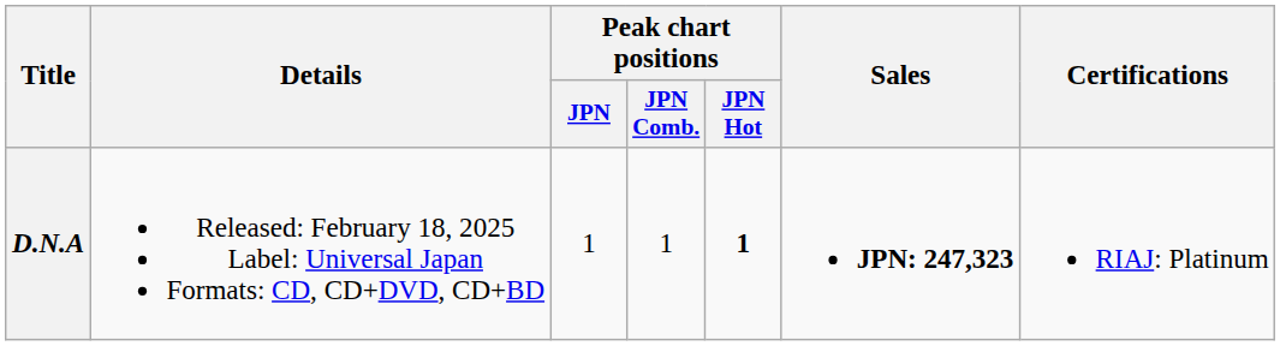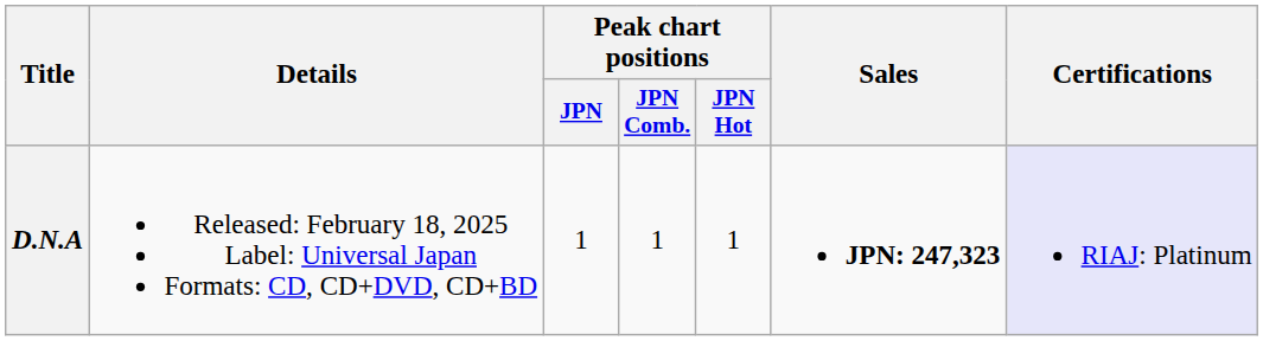 <table class="wikitable plainrowheaders" style="text-align:center;">
 <tr>
 <th scope="col" rowspan="2">Title</th>
 <th scope="col" rowspan="2">Details</th>
 <th scope="col" colspan="3">Peak chart positions</th>
 <th scope="col" rowspan="2">Sales</th>
 <th scope="col" rowspan="2">Certifications</th>
 </tr>
 <tr>
 <th scope="col" style="width:2.75em;font-size:85%"><a href='#'>JPN</a><br></th>
 <th scope="col" style="width:2.75em;font-size:85%"><a href='#'>JPN<br>Comb.</a><br></th>
 <th scope="col" style="width:2.75em;font-size:85%"><a href='#'>JPN<br>Hot</a><br></th>
 </tr>
 <tr>
 <th scope="row"><em>D.N.A</em></th>
 <td><br><ul><li>Released: February 18, 2025</li><li>Label: <a href='#'>Universal Japan</a></li><li>Formats: <a href='#'>CD</a>, CD+<a href='#'>DVD</a>, CD+<a href='#'>BD</a></li></ul></td>
 <td>1</td>
 <td>1</td>
-<td><strong>1</strong></td>
+<td>1</td>
 <td><strong><br><ul><li>JPN: 247,323</li></ul></strong></td>
-<td><br><ul><li><a href='#'>RIAJ</a>: Platinum </li></ul></td>
+<td style="background: lavender;"><br><ul><li><a href='#'>RIAJ</a>: Platinum </li></ul></td>
 </tr>
 </table>
